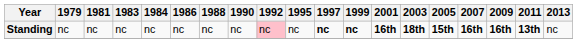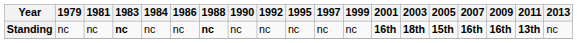 <table class="wikitable">
 <tr>
 <th>Year</th>
 <th>1979</th>
 <th>1981</th>
 <th>1983</th>
 <th>1984</th>
 <th>1986</th>
 <th>1988</th>
 <th>1990</th>
 <th>1992</th>
 <th>1995</th>
 <th>1997</th>
 <th>1999</th>
 <th>2001</th>
 <th>2003</th>
 <th>2005</th>
 <th>2007</th>
 <th>2009</th>
 <th>2011</th>
 <th>2013</th>
 </tr>
 <tr>
 <th>Standing</th>
 <td>nc</td>
 <td>nc</td>
+<td><strong>nc</strong></td>
+<td>nc</td>
+<td>nc</td>
+<td><strong>nc</strong></td>
 <td>nc</td>
 <td>nc</td>
 <td>nc</td>
 <td>nc</td>
 <td>nc</td>
-<td style="background: pink;">nc</td>
-<td>nc</td>
-<td><strong>nc</strong></td>
-<td><strong>nc</strong></td>
 <td><strong>16th</strong></td>
 <td><strong>18th</strong></td>
 <td><strong>15th</strong></td>
 <td><strong>16th</strong></td>
 <td><strong>16th</strong></td>
 <td><strong>13th</strong></td>
 <td>nc</td>
 </tr>
 <tr>
 </tr>
 </table>
